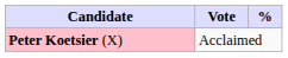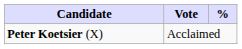 <table class="wikitable">
 <tr>
 <th style="background:#ddf; width:200px;">Candidate</th>
 <th style="background:#ddf; width:50px;">Vote</th>
 <th style="background:#ddf; width:30px;">%</th>
 </tr>
 <tr>
-<td style="background: pink;"><strong>Peter Koetsier</strong> (X)</td>
+<td><strong>Peter Koetsier</strong> (X)</td>
 <td colspan="2">Acclaimed</td>
 </tr>
 </table>
